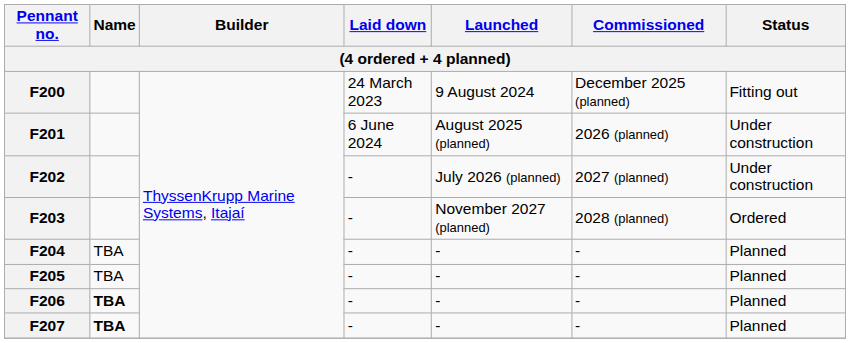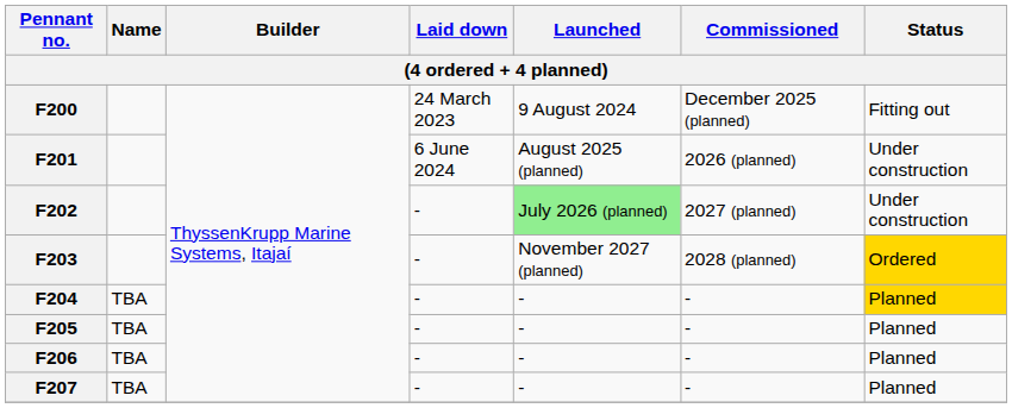 <table class="wikitable" border="1">
 <tr>
 <th scope="col"><a href='#'>Pennant no.</a></th>
 <th scope="col">Name</th>
 <th scope="col">Builder</th>
 <th scope="col"><a href='#'>Laid down</a></th>
 <th scope="col"><a href='#'>Launched</a></th>
 <th scope="col"><a href='#'>Commissioned</a></th>
 <th scope="col">Status</th>
 </tr>
 <tr>
 <th colspan="8"> (4 ordered + 4 planned)</th>
 </tr>
 <tr>
 <th scope="row">F200</th>
 <td></td>
 <td rowspan=8 align=left><a href='#'>ThyssenKrupp Marine Systems</a>, <a href='#'>Itajaí</a></td>
 <td>24 March 2023</td>
 <td>9 August 2024</td>
 <td>December 2025 <small>(planned)</small></td>
 <td>Fitting out</td>
 </tr>
 <tr>
 <th scope="row">F201</th>
 <td></td>
 <td>6 June 2024</td>
 <td>August 2025 <small>(planned)</small></td>
 <td>2026 <small>(planned)</small></td>
 <td>Under construction</td>
 </tr>
 <tr>
 <th scope="row">F202</th>
 <td></td>
 <td>-</td>
-<td>July 2026 <small>(planned)</small></td>
+<td style="background: lightgreen;">July 2026 <small>(planned)</small></td>
 <td>2027 <small>(planned)</small></td>
 <td>Under construction</td>
 </tr>
 <tr>
 <th scope="row">F203</th>
 <td></td>
 <td>-</td>
 <td>November 2027 <small>(planned)</small></td>
 <td>2028 <small>(planned)</small></td>
-<td>Ordered</td>
+<td style="background: gold;">Ordered</td>
 </tr>
 <tr>
 <th scope="row">F204</th>
 <td>TBA</td>
 <td>-</td>
 <td>-</td>
 <td>-</td>
-<td>Planned</td>
+<td style="background: gold;">Planned</td>
 </tr>
 <tr>
 <th scope="row">F205</th>
 <td>TBA</td>
 <td>-</td>
 <td>-</td>
 <td>-</td>
 <td>Planned</td>
 </tr>
 <tr>
 <th scope="row">F206</th>
-<td><strong>TBA</strong></td>
+<td>TBA</td>
 <td>-</td>
 <td>-</td>
 <td>-</td>
 <td>Planned</td>
 </tr>
 <tr>
 <th scope="row">F207</th>
-<td><strong>TBA</strong></td>
+<td>TBA</td>
 <td>-</td>
 <td>-</td>
 <td>-</td>
 <td>Planned</td>
 </tr>
 <tr>
 </tr>
 </table>
